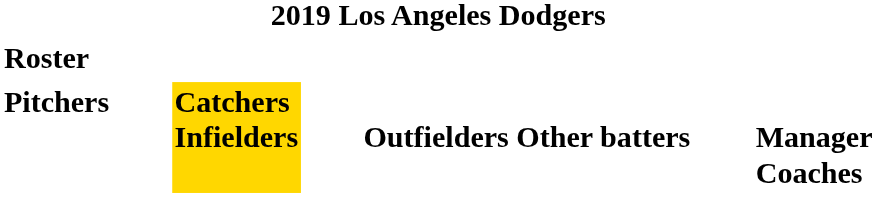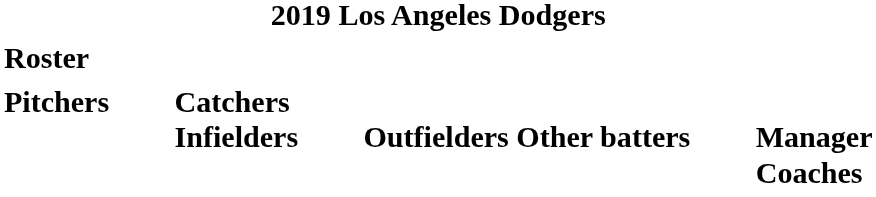 <table class="toccolours" style="font-size: 95%;">
 <tr>
 <th colspan="10">2019 Los Angeles Dodgers</th>
 </tr>
 <tr>
 <td colspan="10"><strong>Roster</strong></td>
 </tr>
 <tr>
 <td valign="top"><strong>Pitchers</strong><br>                       </td>
 <td width="25px"></td>
-<td valign="top" style="background: gold;"><strong>Catchers</strong><br>    <strong>Infielders</strong>           </td>
+<td valign="top"><strong>Catchers</strong><br>    <strong>Infielders</strong>           </td>
 <td width="25px"></td>
 <td valign="top"><br><strong>Outfielders</strong>       <strong>Other batters</strong> </td>
 <td width="25px"></td>
 <td valign="top"><br><strong>Manager</strong> <br><strong>Coaches</strong>                    </td>
 </tr>
 </table>
